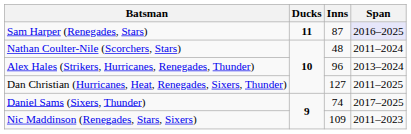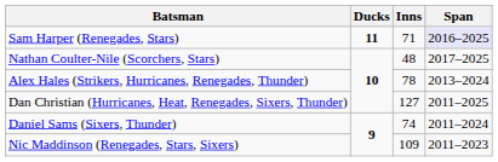 <table class="wikitable" style="text-align:center">
 <tr>
 <th>Batsman</th>
 <th>Ducks</th>
 <th>Inns</th>
 <th>Span</th>
 </tr>
 <tr>
 <td style="text-align:left"><span><a href='#'></a> <a href='#'></a></span> <a href='#'>Sam Harper</a> <span>(<a href='#'>Renegades</a>, <a href='#'>Stars</a>)</span></td>
 <td><strong>11</strong></td>
-<td style="text-align:center">87</td>
+<td style="text-align:center">71</td>
 <td style="background: lavender; text-align:left">2016–2025</td>
 </tr>
 <tr>
 <td style="text-align:left"><span><a href='#'></a> <a href='#'></a></span> <a href='#'>Nathan Coulter-Nile</a> <span>(<a href='#'>Scorchers</a>, <a href='#'>Stars</a>)</span></td>
 <td rowspan="3" style="text-align:center"><strong>10</strong></td>
 <td>48</td>
-<td style="text-align:left">2011–2024</td>
+<td style="text-align:left">2017–2025</td>
 </tr>
 <tr>
 <td style="text-align:left"><span><a href='#'></a></span> <span><a href='#'></a></span> <a href='#'><span></span></a> <a href='#'><span></span></a> <a href='#'>Alex Hales</a> <span>(<a href='#'>Strikers</a>, <a href='#'>Hurricanes</a>, <a href='#'>Renegades</a>, <a href='#'>Thunder</a>)</span></td>
-<td style="text-align:center">96</td>
+<td style="text-align:center">78</td>
 <td style="text-align:left">2013–2024</td>
 </tr>
 <tr>
 <td style="text-align:left"><span><a href='#'></a></span> <a href='#'><span></span></a><a href='#'></a> <a href='#'><span></span></a> <a href='#'><span></span></a> <a href='#'><span></span></a> Dan Christian <span>(<a href='#'>Hurricanes</a>, <a href='#'>Heat</a>, <a href='#'>Renegades</a>, <a href='#'>Sixers</a>, <a href='#'>Thunder</a>)</span></td>
 <td>127</td>
 <td style="text-align:left">2011–2025</td>
 </tr>
 <tr>
 <td style="text-align:left"><span><a href='#'></a> <a href='#'></a></span> <a href='#'>Daniel Sams</a> <span>(<a href='#'>Sixers</a>, <a href='#'>Thunder</a>)</span></td>
 <td rowspan="2" style="text align:center"><strong>9</strong></td>
 <td style="text-align:center">74</td>
-<td style="text-align:left">2017–2025</td>
+<td style="text-align:left">2011–2024</td>
 </tr>
 <tr>
 <td style="text-align:left"><span><a href='#'></a> <a href='#'></a></span> <a href='#'><span></span></a> <a href='#'>Nic Maddinson</a> <span>(<a href='#'>Renegades</a>, <a href='#'>Stars</a>, <a href='#'>Sixers</a>)</span></td>
 <td style="text-align:center">109</td>
 <td style="text-align:left">2011–2023</td>
 </tr>
 </table>
